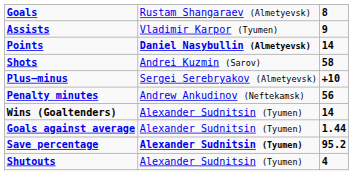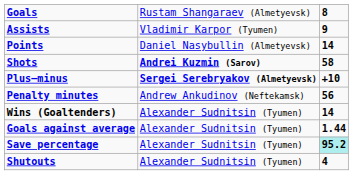 <table class="wikitable" style="text-align:left;">
 <tr>
 <td><strong><a href='#'>Goals</a></strong></td>
 <td> <a href='#'>Rustam Shangaraev</a> <small>(Almetyevsk)</small></td>
 <td><strong>8</strong></td>
 </tr>
 <tr>
 <td><strong><a href='#'>Assists</a></strong></td>
 <td> <a href='#'>Vladimir Karpor</a> <small>(Tyumen)</small></td>
 <td><strong>9</strong></td>
 </tr>
 <tr>
 <td><strong><a href='#'>Points</a></strong></td>
-<td><strong> <a href='#'>Daniel Nasybullin</a> <small>(Almetyevsk)</small></strong></td>
+<td> <a href='#'>Daniel Nasybullin</a> <small>(Almetyevsk)</small></td>
 <td><strong>14</strong></td>
 </tr>
 <tr>
 <td><strong><a href='#'>Shots</a></strong></td>
-<td> <a href='#'>Andrei Kuzmin</a> <small>(Sarov)</small></td>
+<td><strong> <a href='#'>Andrei Kuzmin</a> <small>(Sarov)</small></strong></td>
 <td><strong>58</strong></td>
 </tr>
 <tr>
 <td><strong><a href='#'>Plus–minus</a></strong></td>
-<td> <a href='#'>Sergei Serebryakov</a> <small>(Almetyevsk)</small></td>
+<td><strong> <a href='#'>Sergei Serebryakov</a> <small>(Almetyevsk)</small></strong></td>
 <td><strong>+10</strong></td>
 </tr>
 <tr>
 <td><strong><a href='#'>Penalty minutes</a></strong></td>
 <td> <a href='#'>Andrew Ankudinov</a> <small>(Neftekamsk)</small></td>
 <td><strong>56</strong></td>
 </tr>
 <tr>
 <td><strong>Wins (Goaltenders)</strong></td>
 <td> <a href='#'>Alexander Sudnitsin</a> <small>(Tyumen)</small></td>
 <td><strong>14</strong></td>
 </tr>
 <tr>
 <td><strong><a href='#'>Goals against average</a></strong></td>
 <td> <a href='#'>Alexander Sudnitsin</a> <small>(Tyumen)</small></td>
 <td><strong>1.44</strong></td>
 </tr>
 <tr>
 <td><strong><a href='#'>Save percentage</a></strong></td>
-<td><strong> <a href='#'>Alexander Sudnitsin</a> <small>(Tyumen)</small></strong></td>
-<td><strong>95.2</strong></td>
+<td> <a href='#'>Alexander Sudnitsin</a> <small>(Tyumen)</small></td>
+<td style="background: paleturquoise;"><strong>95.2</strong></td>
 </tr>
 <tr>
 <td><strong><a href='#'>Shutouts</a></strong></td>
 <td> <a href='#'>Alexander Sudnitsin</a> <small>(Tyumen)</small></td>
 <td><strong>4</strong></td>
 </tr>
 </table>
